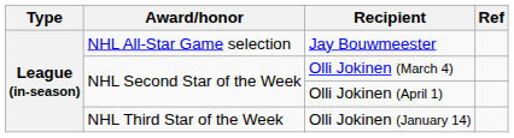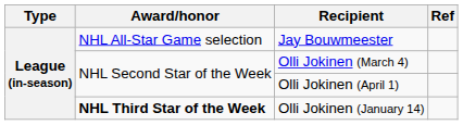 <table class="wikitable">
 <tr>
 <th scope="col">Type</th>
 <th scope="col">Award/honor</th>
 <th scope="col">Recipient</th>
 <th scope="col">Ref</th>
 </tr>
 <tr>
 <th scope="row" rowspan="7">League<br><small>(in-season)</small></th>
 <td><a href='#'>NHL All-Star Game</a> selection</td>
 <td><a href='#'>Jay Bouwmeester</a></td>
 <td></td>
 </tr>
 <tr>
 <td rowspan="2">NHL Second Star of the Week</td>
 <td><a href='#'>Olli Jokinen</a> <small>(March 4)</small></td>
 <td></td>
 </tr>
 <tr>
 <td>Olli Jokinen <small>(April 1)</small></td>
 <td></td>
 </tr>
 <tr>
-<td>NHL Third Star of the Week</td>
+<td><strong>NHL Third Star of the Week</strong></td>
 <td>Olli Jokinen <small>(January 14)</small></td>
 <td></td>
 </tr>
 </table>
